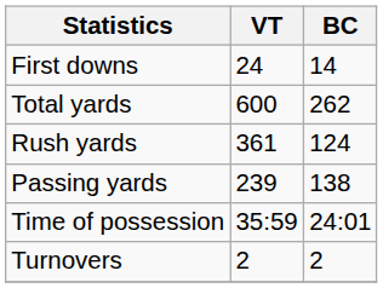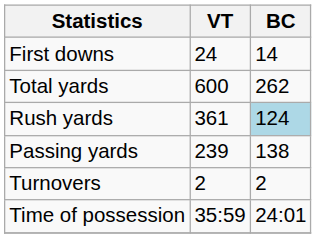 <table class="wikitable" style="float: left;">
 <tr>
 <th>Statistics</th>
 <th>VT</th>
 <th>BC</th>
 </tr>
 <tr>
 <td>First downs</td>
 <td>24</td>
 <td>14</td>
 </tr>
 <tr>
 <td>Total yards</td>
 <td>600</td>
 <td>262</td>
 </tr>
 <tr>
 <td>Rush yards</td>
 <td>361</td>
-<td>124</td>
+<td style="background: lightblue;">124</td>
 </tr>
 <tr>
 <td>Passing yards</td>
 <td>239</td>
 <td>138</td>
 </tr>
 <tr>
+<td>Turnovers</td>
+<td>2</td>
+<td>2</td>
+</tr>
+<tr>
 <td>Time of possession</td>
 <td>35:59</td>
 <td>24:01</td>
 </tr>
 <tr>
-<td>Turnovers</td>
-<td>2</td>
-<td>2</td>
-</tr>
-<tr>
 </tr>
 </table>
